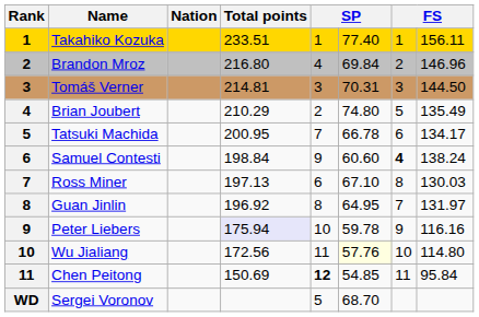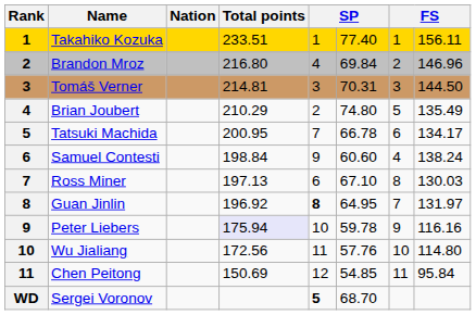 <table class="wikitable sortable">
 <tr>
 <th>Rank</th>
 <th>Name</th>
 <th>Nation</th>
 <th>Total points</th>
 <th colspan="2" width="80px"><a href='#'>SP</a></th>
 <th colspan="2" width="80px"><a href='#'>FS</a></th>
 </tr>
 <tr bgcolor="gold">
 <td align="center"><strong>1</strong></td>
 <td><a href='#'>Takahiko Kozuka</a></td>
 <td></td>
 <td>233.51</td>
 <td>1</td>
 <td>77.40</td>
 <td>1</td>
 <td>156.11</td>
 </tr>
 <tr bgcolor="silver">
 <td align="center"><strong>2</strong></td>
 <td><a href='#'>Brandon Mroz</a></td>
 <td></td>
 <td>216.80</td>
 <td>4</td>
 <td>69.84</td>
 <td>2</td>
 <td>146.96</td>
 </tr>
 <tr bgcolor="cc9966">
 <td align="center"><strong>3</strong></td>
 <td><a href='#'>Tomáš Verner</a></td>
 <td></td>
 <td>214.81</td>
 <td>3</td>
 <td>70.31</td>
 <td>3</td>
 <td>144.50</td>
 </tr>
 <tr>
 <th>4</th>
 <td><a href='#'>Brian Joubert</a></td>
 <td></td>
 <td>210.29</td>
 <td>2</td>
 <td>74.80</td>
 <td>5</td>
 <td>135.49</td>
 </tr>
 <tr>
 <th>5</th>
 <td><a href='#'>Tatsuki Machida</a></td>
 <td></td>
 <td>200.95</td>
 <td>7</td>
 <td>66.78</td>
 <td>6</td>
 <td>134.17</td>
 </tr>
 <tr>
 <th>6</th>
 <td><a href='#'>Samuel Contesti</a></td>
 <td></td>
 <td>198.84</td>
 <td>9</td>
 <td>60.60</td>
-<td><strong>4</strong></td>
+<td>4</td>
 <td>138.24</td>
 </tr>
 <tr>
 <th>7</th>
 <td><a href='#'>Ross Miner</a></td>
 <td></td>
 <td>197.13</td>
 <td>6</td>
 <td>67.10</td>
 <td>8</td>
 <td>130.03</td>
 </tr>
 <tr>
 <th>8</th>
 <td><a href='#'>Guan Jinlin</a></td>
 <td></td>
 <td>196.92</td>
-<td>8</td>
+<td><strong>8</strong></td>
 <td>64.95</td>
 <td>7</td>
 <td>131.97</td>
 </tr>
 <tr>
 <th>9</th>
 <td><a href='#'>Peter Liebers</a></td>
 <td></td>
 <td style="background: lavender;">175.94</td>
 <td>10</td>
 <td>59.78</td>
 <td>9</td>
 <td>116.16</td>
 </tr>
 <tr>
 <th>10</th>
 <td><a href='#'>Wu Jialiang</a></td>
 <td></td>
 <td>172.56</td>
 <td>11</td>
-<td style="background: lightyellow;">57.76</td>
+<td>57.76</td>
 <td>10</td>
 <td>114.80</td>
 </tr>
 <tr>
 <th>11</th>
 <td><a href='#'>Chen Peitong</a></td>
 <td></td>
 <td>150.69</td>
-<td><strong>12</strong></td>
+<td>12</td>
 <td>54.85</td>
 <td>11</td>
 <td>95.84</td>
 </tr>
 <tr>
 <th>WD</th>
 <td><a href='#'>Sergei Voronov</a></td>
 <td></td>
 <td></td>
-<td>5</td>
+<td><strong>5</strong></td>
 <td>68.70</td>
 <td></td>
 <td></td>
 </tr>
 </table>
